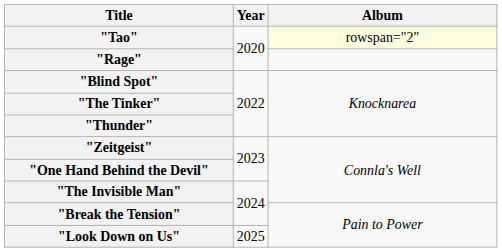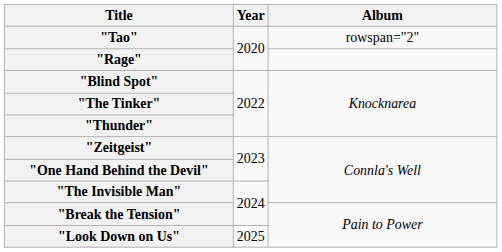 <table class="wikitable plainrowheaders" style="text-align:center;">
 <tr>
 <th scope="col" style="width:16em;">Title</th>
 <th scope="col" style="width:1em;">Year</th>
 <th scope="col" style="width:16em;">Album</th>
 </tr>
 <tr>
 <th scope="row">"Tao"</th>
 <td rowspan="2">2020</td>
-<td style="background: lightyellow;">rowspan="2" </td>
+<td>rowspan="2" </td>
 </tr>
 <tr>
 <th scope="row">"Rage"</th>
 </tr>
 <tr>
 <th scope="row">"Blind Spot"</th>
 <td rowspan="3">2022</td>
 <td rowspan="3"><em>Knocknarea</em></td>
 </tr>
 <tr>
 <th scope="row">"The Tinker"</th>
 </tr>
 <tr>
 <th scope="row">"Thunder"</th>
 </tr>
 <tr>
 <th scope="row">"Zeitgeist"</th>
 <td rowspan="2">2023</td>
 <td rowspan="3"><em>Connla's Well</em></td>
 </tr>
 <tr>
 <th scope="row">"One Hand Behind the Devil"</th>
 </tr>
 <tr>
 <th scope="row">"The Invisible Man"</th>
 <td rowspan="2">2024</td>
 </tr>
 <tr>
 <th scope="row">"Break the Tension"</th>
 <td rowspan="3"><em>Pain to Power</em></td>
 </tr>
 <tr>
 <th scope="row">"Look Down on Us"</th>
 <td rowspan="2">2025</td>
 </tr>
 </table>
